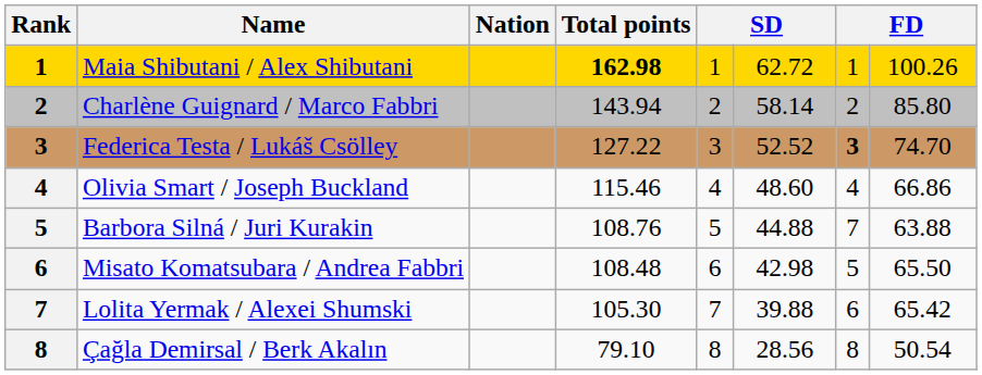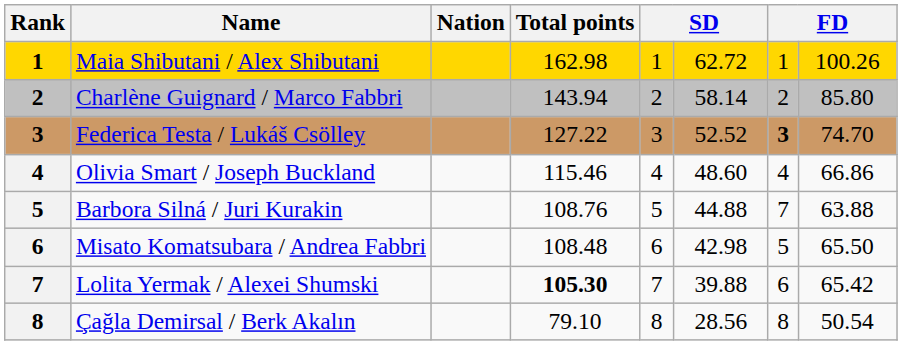 <table class="wikitable sortable">
 <tr>
 <th>Rank</th>
 <th>Name</th>
 <th>Nation</th>
 <th>Total points</th>
 <th colspan="2" width="80px"><a href='#'>SD</a></th>
 <th colspan="2" width="80px"><a href='#'>FD</a></th>
 </tr>
 <tr bgcolor="gold">
 <td align="center"><strong>1</strong></td>
 <td><a href='#'>Maia Shibutani</a> / <a href='#'>Alex Shibutani</a></td>
 <td></td>
-<td align="center"><strong>162.98</strong></td>
+<td align="center">162.98</td>
 <td align="center">1</td>
 <td align="center">62.72</td>
 <td align="center">1</td>
 <td align="center">100.26</td>
 </tr>
 <tr bgcolor="silver">
 <td align="center"><strong>2</strong></td>
 <td><a href='#'>Charlène Guignard</a> / <a href='#'>Marco Fabbri</a></td>
 <td></td>
 <td align="center">143.94</td>
 <td align="center">2</td>
 <td align="center">58.14</td>
 <td align="center">2</td>
 <td align="center">85.80</td>
 </tr>
 <tr bgcolor="cc9966">
 <td align="center"><strong>3</strong></td>
 <td><a href='#'>Federica Testa</a> / <a href='#'>Lukáš Csölley</a></td>
 <td></td>
 <td align="center">127.22</td>
 <td align="center">3</td>
 <td align="center">52.52</td>
 <td align="center"><strong>3</strong></td>
 <td align="center">74.70</td>
 </tr>
 <tr>
 <th>4</th>
 <td><a href='#'>Olivia Smart</a> / <a href='#'>Joseph Buckland</a></td>
 <td></td>
 <td align="center">115.46</td>
 <td align="center">4</td>
 <td align="center">48.60</td>
 <td align="center">4</td>
 <td align="center">66.86</td>
 </tr>
 <tr>
 <th>5</th>
 <td><a href='#'>Barbora Silná</a> / <a href='#'>Juri Kurakin</a></td>
 <td></td>
 <td align="center">108.76</td>
 <td align="center">5</td>
 <td align="center">44.88</td>
 <td align="center">7</td>
 <td align="center">63.88</td>
 </tr>
 <tr>
 <th>6</th>
 <td><a href='#'>Misato Komatsubara</a> / <a href='#'>Andrea Fabbri</a></td>
 <td></td>
 <td align="center">108.48</td>
 <td align="center">6</td>
 <td align="center">42.98</td>
 <td align="center">5</td>
 <td align="center">65.50</td>
 </tr>
 <tr>
 <th>7</th>
 <td><a href='#'>Lolita Yermak</a> / <a href='#'>Alexei Shumski</a></td>
 <td></td>
-<td align="center">105.30</td>
+<td align="center"><strong>105.30</strong></td>
 <td align="center">7</td>
 <td align="center">39.88</td>
 <td align="center">6</td>
 <td align="center">65.42</td>
 </tr>
 <tr>
 <th>8</th>
 <td><a href='#'>Çağla Demirsal</a> / <a href='#'>Berk Akalın</a></td>
 <td></td>
 <td align="center">79.10</td>
 <td align="center">8</td>
 <td align="center">28.56</td>
 <td align="center">8</td>
 <td align="center">50.54</td>
 </tr>
 </table>
